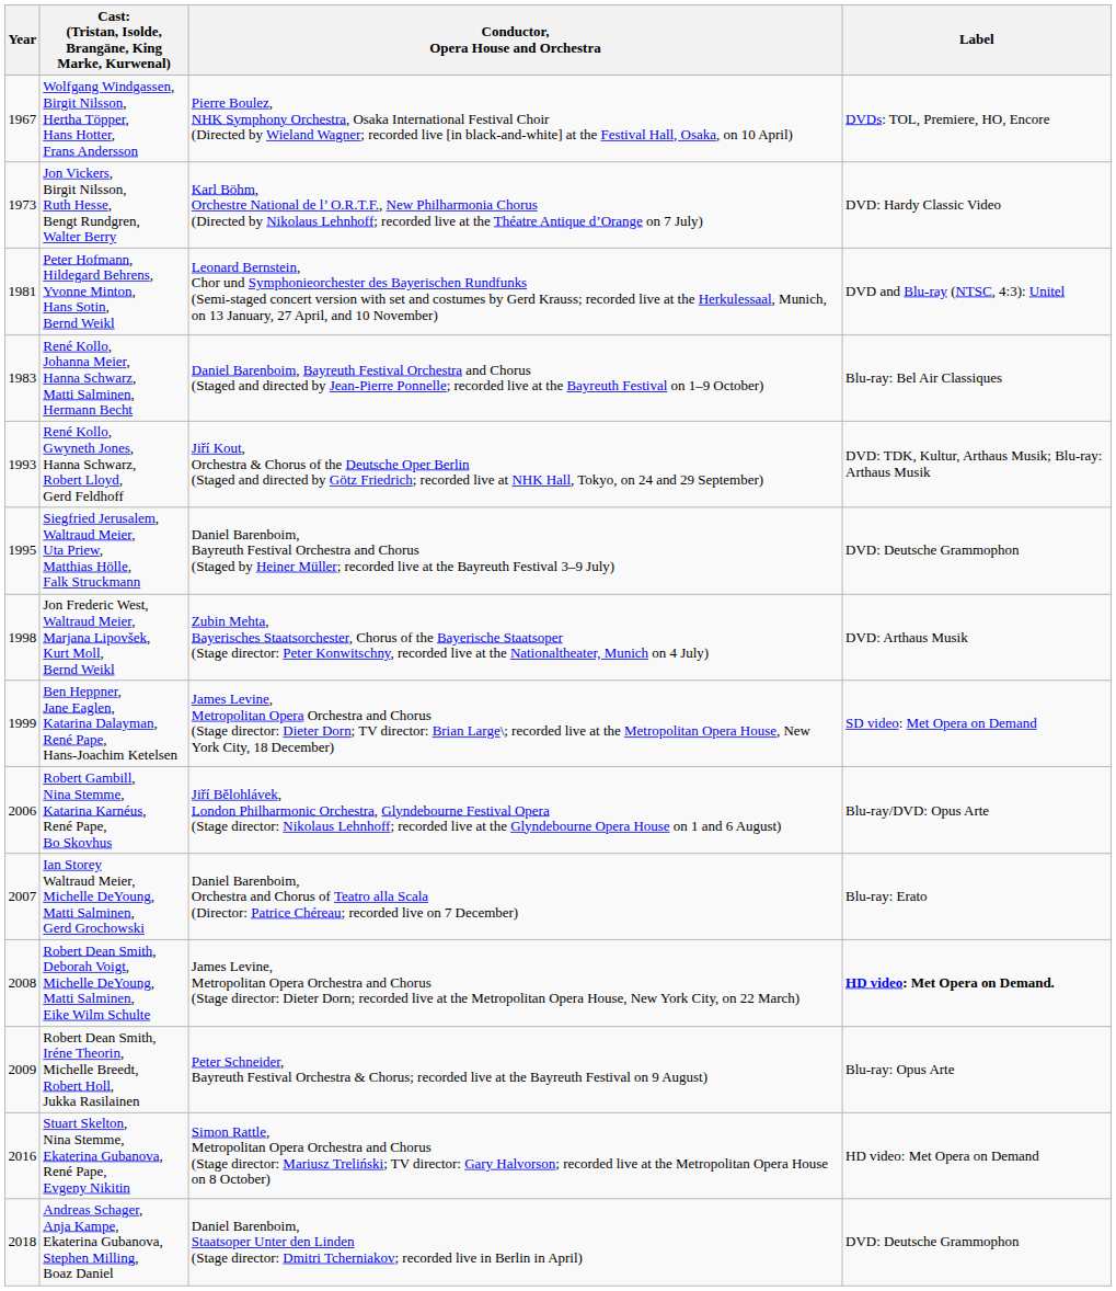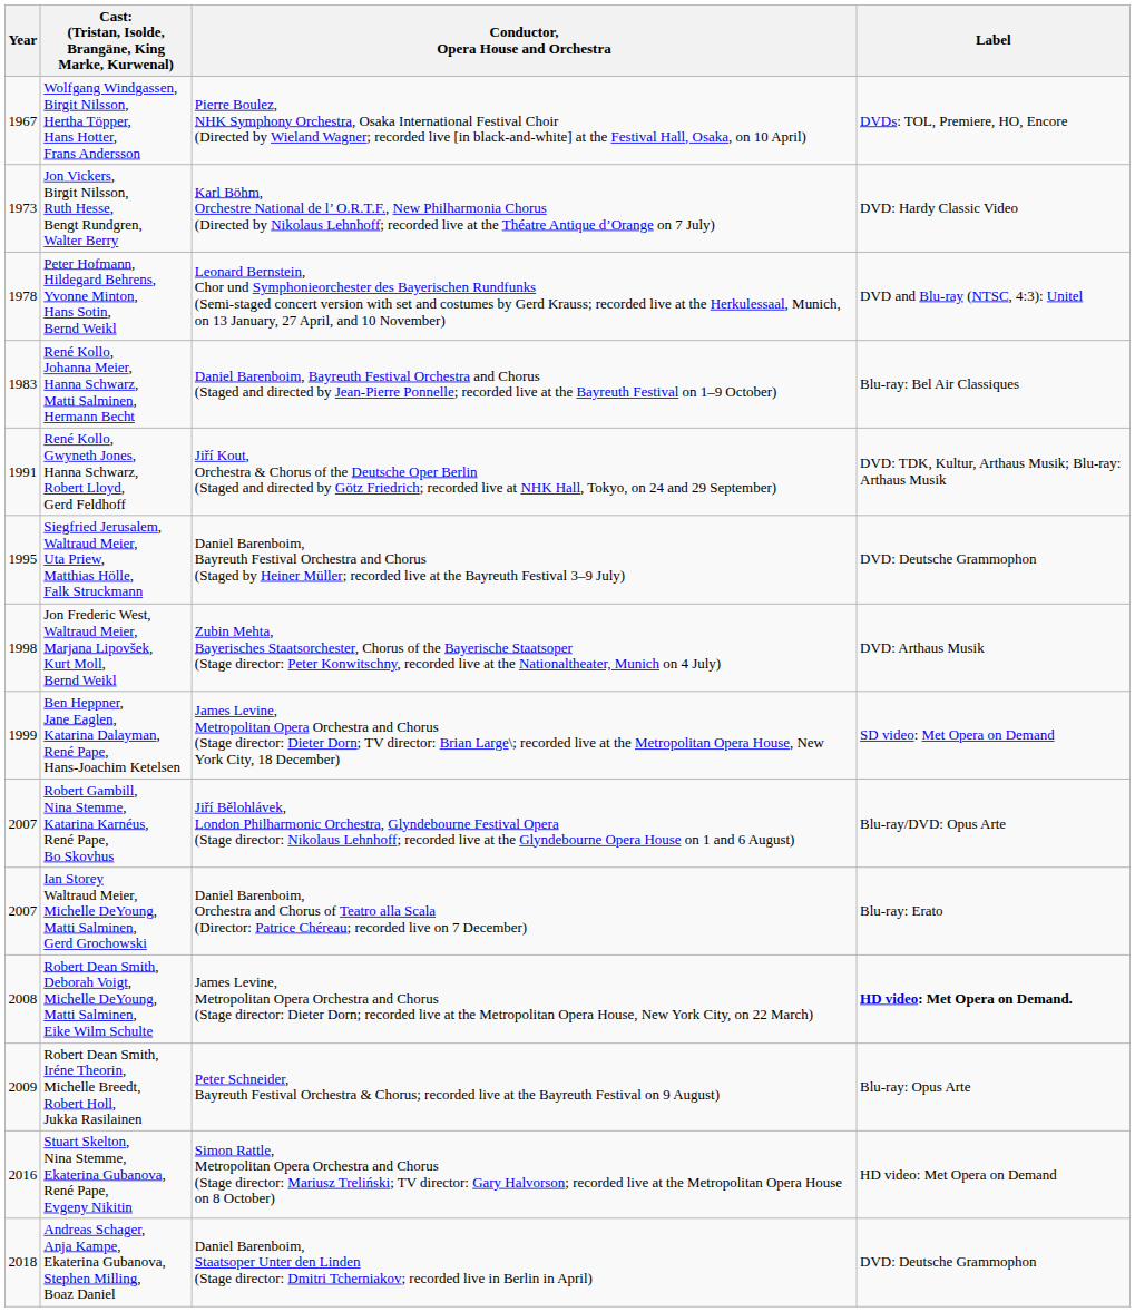 <table class="wikitable">
 <tr>
 <th>Year</th>
 <th width="160">Cast:<br>(Tristan, Isolde, Brangäne, King Marke, Kurwenal)</th>
 <th>Conductor,<br>Opera House and Orchestra</th>
 <th>Label</th>
 </tr>
 <tr>
 <td>1967</td>
 <td><a href='#'>Wolfgang Windgassen</a>,<br><a href='#'>Birgit Nilsson</a>,<br><a href='#'>Hertha Töpper</a>,<br><a href='#'>Hans Hotter</a>,<br><a href='#'>Frans Andersson</a></td>
 <td><a href='#'>Pierre Boulez</a>,<br><a href='#'>NHK Symphony Orchestra</a>, Osaka International Festival Choir<br>(Directed by <a href='#'>Wieland Wagner</a>; recorded live [in black-and-white] at the <a href='#'>Festival Hall, Osaka</a>, on 10 April)</td>
 <td><a href='#'>DVDs</a>: TOL, Premiere, HO, Encore</td>
 </tr>
 <tr>
 <td>1973</td>
 <td><a href='#'>Jon Vickers</a>,<br>Birgit Nilsson,<br><a href='#'>Ruth Hesse</a>,<br>Bengt Rundgren,<br><a href='#'>Walter Berry</a></td>
 <td><a href='#'>Karl Böhm</a>,<br><a href='#'>Orchestre National de l’ O.R.T.F.</a>, <a href='#'>New Philharmonia Chorus</a><br>(Directed by <a href='#'>Nikolaus Lehnhoff</a>; recorded live at the <a href='#'>Théatre Antique d’Orange</a> on 7 July)</td>
 <td>DVD: Hardy Classic Video</td>
 </tr>
 <tr>
-<td>1981</td>
+<td>1978</td>
 <td><a href='#'>Peter Hofmann</a>,<br><a href='#'>Hildegard Behrens</a>,<br><a href='#'>Yvonne Minton</a>,<br><a href='#'>Hans Sotin</a>,<br><a href='#'>Bernd Weikl</a></td>
 <td><a href='#'>Leonard Bernstein</a>,<br>Chor und <a href='#'>Symphonieorchester des Bayerischen Rundfunks</a><br>(Semi-staged concert version with set and costumes by Gerd Krauss; recorded live at the <a href='#'>Herkulessaal</a>, Munich, on 13 January, 27 April, and 10 November)</td>
 <td>DVD and <a href='#'>Blu-ray</a> (<a href='#'>NTSC</a>, 4:3): <a href='#'>Unitel</a></td>
 </tr>
 <tr>
 <td>1983</td>
 <td><a href='#'>René Kollo</a>,<br><a href='#'>Johanna Meier</a>,<br><a href='#'>Hanna Schwarz</a>,<br><a href='#'>Matti Salminen</a>,<br><a href='#'>Hermann Becht</a></td>
 <td><a href='#'>Daniel Barenboim</a>, <a href='#'>Bayreuth Festival Orchestra</a> and Chorus<br>(Staged and directed by <a href='#'>Jean-Pierre Ponnelle</a>; recorded live at the <a href='#'>Bayreuth Festival</a> on 1–9 October)</td>
 <td>Blu-ray: Bel Air Classiques</td>
 </tr>
 <tr>
-<td>1993</td>
+<td>1991</td>
 <td><a href='#'>René Kollo</a>,<br><a href='#'>Gwyneth Jones</a>,<br>Hanna Schwarz,<br><a href='#'>Robert Lloyd</a>,<br>Gerd Feldhoff</td>
 <td><a href='#'>Jiří Kout</a>,<br>Orchestra & Chorus of the <a href='#'>Deutsche Oper Berlin</a><br>(Staged and directed by <a href='#'>Götz Friedrich</a>; recorded live at <a href='#'>NHK Hall</a>, Tokyo, on 24 and 29 September)</td>
 <td>DVD: TDK, Kultur, Arthaus Musik; Blu-ray: Arthaus Musik</td>
 </tr>
 <tr>
 <td>1995</td>
 <td><a href='#'>Siegfried Jerusalem</a>,<br><a href='#'>Waltraud Meier</a>,<br><a href='#'>Uta Priew</a>,<br><a href='#'>Matthias Hölle</a>,<br><a href='#'>Falk Struckmann</a></td>
 <td>Daniel Barenboim,<br>Bayreuth Festival Orchestra and Chorus<br>(Staged by <a href='#'>Heiner Müller</a>; recorded live at the Bayreuth Festival 3–9 July)</td>
 <td>DVD: Deutsche Grammophon</td>
 </tr>
 <tr>
 <td>1998</td>
 <td>Jon Frederic West,<br><a href='#'>Waltraud Meier</a>,<br><a href='#'>Marjana Lipovšek</a>,<br><a href='#'>Kurt Moll</a>,<br><a href='#'>Bernd Weikl</a></td>
 <td><a href='#'>Zubin Mehta</a>,<br><a href='#'>Bayerisches Staatsorchester</a>, Chorus of the <a href='#'>Bayerische Staatsoper</a><br>(Stage director: <a href='#'>Peter Konwitschny</a>, recorded live at the <a href='#'>Nationaltheater, Munich</a> on 4 July)</td>
 <td>DVD: Arthaus Musik</td>
 </tr>
 <tr>
 <td>1999</td>
 <td><a href='#'>Ben Heppner</a>,<br><a href='#'>Jane Eaglen</a>,<br><a href='#'>Katarina Dalayman</a>,<br><a href='#'>René Pape</a>,<br>Hans-Joachim Ketelsen</td>
 <td><a href='#'>James Levine</a>,<br><a href='#'>Metropolitan Opera</a> Orchestra and Chorus<br>(Stage director: <a href='#'>Dieter Dorn</a>; TV director: <a href='#'>Brian Large</a>\; recorded live at the <a href='#'>Metropolitan Opera House</a>, New York City, 18 December)</td>
 <td><a href='#'>SD video</a>: <a href='#'>Met Opera on Demand</a></td>
 </tr>
 <tr>
-<td>2006</td>
+<td>2007</td>
 <td><a href='#'>Robert Gambill</a>,<br><a href='#'>Nina Stemme</a>,<br><a href='#'>Katarina Karnéus</a>,<br>René Pape,<br><a href='#'>Bo Skovhus</a></td>
 <td><a href='#'>Jiří Bělohlávek</a>,<br><a href='#'>London Philharmonic Orchestra</a>, <a href='#'>Glyndebourne Festival Opera</a><br>(Stage director: <a href='#'>Nikolaus Lehnhoff</a>; recorded live at the <a href='#'>Glyndebourne Opera House</a> on 1 and 6 August)</td>
 <td>Blu-ray/DVD: Opus Arte</td>
 </tr>
 <tr>
 <td>2007</td>
 <td><a href='#'>Ian Storey</a><br>Waltraud Meier,<br><a href='#'>Michelle DeYoung</a>,<br><a href='#'>Matti Salminen</a>,<br><a href='#'>Gerd Grochowski</a></td>
 <td>Daniel Barenboim,<br>Orchestra and Chorus of <a href='#'>Teatro alla Scala</a><br>(Director: <a href='#'>Patrice Chéreau</a>; recorded live on 7 December)</td>
 <td>Blu-ray: Erato</td>
 </tr>
 <tr>
 <td>2008</td>
 <td><a href='#'>Robert Dean Smith</a>,<br><a href='#'>Deborah Voigt</a>,<br><a href='#'>Michelle DeYoung</a>,<br><a href='#'>Matti Salminen</a>,<br><a href='#'>Eike Wilm Schulte</a></td>
 <td>James Levine,<br>Metropolitan Opera Orchestra and Chorus<br>(Stage director: Dieter Dorn; recorded live at the Metropolitan Opera House, New York City, on 22 March)</td>
 <td><strong><a href='#'>HD video</a>: Met Opera on Demand.</strong></td>
 </tr>
 <tr>
 <td>2009</td>
 <td>Robert Dean Smith,<br><a href='#'>Iréne Theorin</a>,<br>Michelle Breedt,<br><a href='#'>Robert Holl</a>,<br>Jukka Rasilainen</td>
 <td><a href='#'>Peter Schneider</a>,<br>Bayreuth Festival Orchestra & Chorus; recorded live at the Bayreuth Festival on 9 August)</td>
 <td>Blu-ray: Opus Arte</td>
 </tr>
 <tr>
 <td>2016</td>
 <td><a href='#'>Stuart Skelton</a>,<br>Nina Stemme,<br><a href='#'>Ekaterina Gubanova</a>,<br>René Pape,<br><a href='#'>Evgeny Nikitin</a></td>
 <td><a href='#'>Simon Rattle</a>,<br>Metropolitan Opera Orchestra and Chorus<br>(Stage director: <a href='#'>Mariusz Treliński</a>; TV director: <a href='#'>Gary Halvorson</a>; recorded live at the Metropolitan Opera House on 8 October)</td>
 <td>HD video: Met Opera on Demand</td>
 </tr>
 <tr>
 <td>2018</td>
 <td><a href='#'>Andreas Schager</a>,<br><a href='#'>Anja Kampe</a>,<br>Ekaterina Gubanova,<br><a href='#'>Stephen Milling</a>,<br>Boaz Daniel</td>
 <td>Daniel Barenboim,<br><a href='#'>Staatsoper Unter den Linden</a><br>(Stage director: <a href='#'>Dmitri Tcherniakov</a>; recorded live in Berlin in April)</td>
 <td>DVD: Deutsche Grammophon</td>
 </tr>
 </table>
